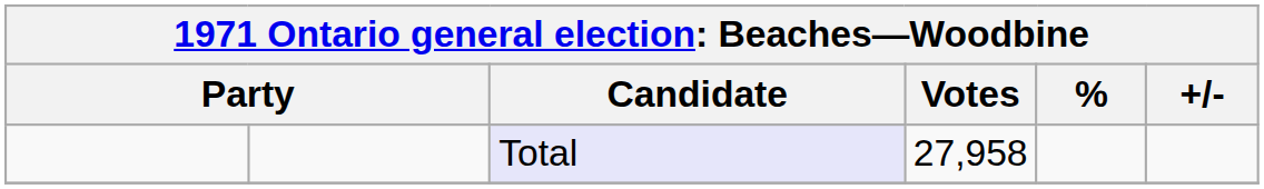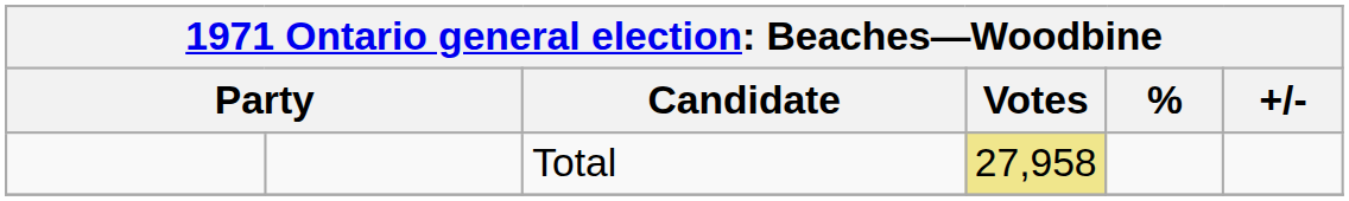 <table class="wikitable">
 <tr>
 <th colspan="6"><a href='#'>1971 Ontario general election</a>: <strong>Beaches—Woodbine</strong></th>
 </tr>
 <tr>
 <th colspan="2" style="width: 200px">Party</th>
 <th style="width: 170px">Candidate</th>
 <th style="width: 40px">Votes</th>
 <th style="width: 40px">%</th>
 <th style="width: 40px">+/-<br>    </th>
 </tr>
 <tr>
 <td></td>
 <td></td>
-<td style="background: lavender;">Total</td>
-<td align=right>27,958</td>
+<td>Total</td>
+<td align=right style="background: khaki;">27,958</td>
 <td></td>
 <td></td>
 </tr>
 <tr>
 </tr>
 </table>
